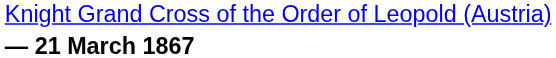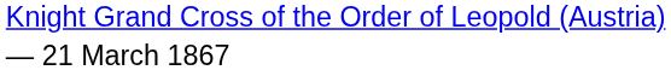 <table>
 <tr>
 <td rowspan=2 style="width:60px; vertical-align:top;"></td>
 <td><a href='#'>Knight Grand Cross of the Order of Leopold (Austria)</a></td>
 </tr>
 <tr>
-<td><strong>— 21 March 1867</strong></td>
+<td>— 21 March 1867</td>
 </tr>
 </table>
